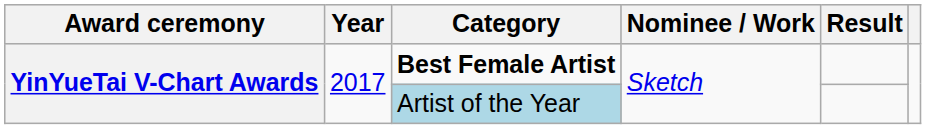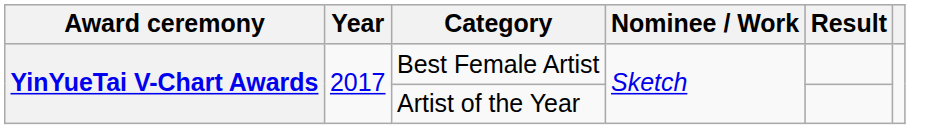 <table class="wikitable plainrowheaders">
 <tr>
 <th scope="col">Award ceremony</th>
 <th scope="col">Year</th>
 <th scope="col">Category</th>
 <th scope="col">Nominee / Work</th>
 <th scope="col">Result</th>
 <th class="unsortable" scope="col"></th>
 </tr>
 <tr>
 <th rowspan="2" scope="row"><a href='#'>YinYueTai V-Chart Awards</a></th>
 <td rowspan="2"><a href='#'>2017</a></td>
-<td><strong>Best Female Artist</strong></td>
+<td>Best Female Artist</td>
 <td rowspan="2"><em><a href='#'>Sketch</a></em></td>
 <td></td>
 <td rowspan="2"></td>
 </tr>
 <tr>
-<td style="background: lightblue;">Artist of the Year</td>
+<td>Artist of the Year</td>
 <td></td>
 </tr>
 </table>
